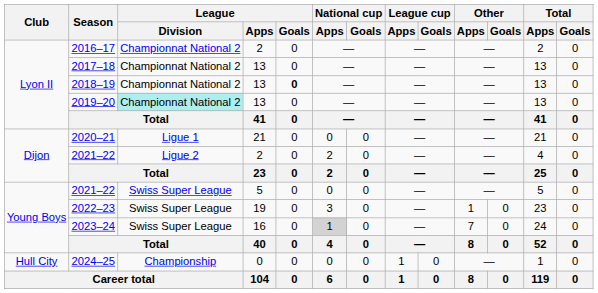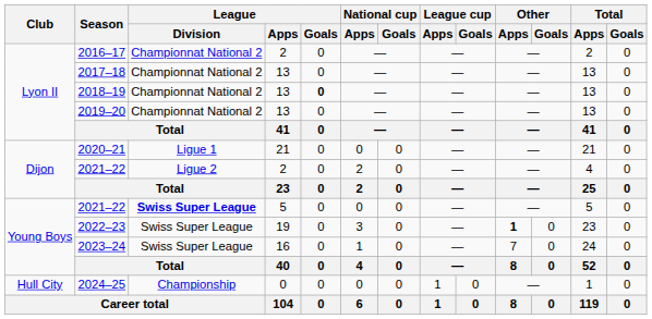 <table class="wikitable" style="text-align: center;">
 <tr>
 <th rowspan="2">Club</th>
 <th rowspan="2">Season</th>
 <th colspan="3">League</th>
 <th colspan="2">National cup</th>
 <th colspan="2">League cup</th>
 <th colspan="2">Other</th>
 <th colspan="2">Total</th>
 </tr>
 <tr>
 <th>Division</th>
 <th>Apps</th>
 <th>Goals</th>
 <th>Apps</th>
 <th>Goals</th>
 <th>Apps</th>
 <th>Goals</th>
 <th>Apps</th>
 <th>Goals</th>
 <th>Apps</th>
 <th>Goals</th>
 </tr>
 <tr>
 <td rowspan=5><a href='#'>Lyon II</a></td>
 <td><a href='#'>2016–17</a></td>
 <td><a href='#'>Championnat National 2</a></td>
 <td>2</td>
 <td>0</td>
 <td colspan=2>—</td>
 <td colspan=2>—</td>
 <td colspan=2>—</td>
 <td>2</td>
 <td>0</td>
 </tr>
 <tr>
 <td><a href='#'>2017–18</a></td>
 <td>Championnat National 2</td>
 <td>13</td>
 <td>0</td>
 <td colspan=2>—</td>
 <td colspan=2>—</td>
 <td colspan=2>—</td>
 <td>13</td>
 <td>0</td>
 </tr>
 <tr>
 <td><a href='#'>2018–19</a></td>
 <td>Championnat National 2</td>
 <td>13</td>
 <td><strong>0</strong></td>
 <td colspan=2>—</td>
 <td colspan=2>—</td>
 <td colspan=2>—</td>
 <td>13</td>
 <td>0</td>
 </tr>
 <tr>
 <td><a href='#'>2019–20</a></td>
-<td style="background: paleturquoise;">Championnat National 2</td>
+<td>Championnat National 2</td>
 <td>13</td>
 <td>0</td>
 <td colspan=2>—</td>
 <td colspan=2>—</td>
 <td colspan=2>—</td>
 <td>13</td>
 <td>0</td>
 </tr>
 <tr>
 <th colspan=2>Total</th>
 <th>41</th>
 <th>0</th>
 <th colspan=2>—</th>
 <th colspan=2>—</th>
 <th colspan=2>—</th>
 <th>41</th>
 <th>0</th>
 </tr>
 <tr>
 <td rowspan=3><a href='#'>Dijon</a></td>
 <td><a href='#'>2020–21</a></td>
 <td><a href='#'>Ligue 1</a></td>
 <td>21</td>
 <td>0</td>
 <td>0</td>
 <td>0</td>
 <td colspan=2>—</td>
 <td colspan=2>—</td>
 <td>21</td>
 <td>0</td>
 </tr>
 <tr>
 <td><a href='#'>2021–22</a></td>
 <td><a href='#'>Ligue 2</a></td>
 <td>2</td>
 <td>0</td>
 <td>2</td>
 <td>0</td>
 <td colspan=2>—</td>
 <td colspan=2>—</td>
 <td>4</td>
 <td>0</td>
 </tr>
 <tr>
 <th colspan=2>Total</th>
 <th>23</th>
 <th>0</th>
 <th>2</th>
 <th>0</th>
 <th colspan=2>—</th>
 <th colspan=2>—</th>
 <th>25</th>
 <th>0</th>
 </tr>
 <tr>
 <td rowspan=4><a href='#'>Young Boys</a></td>
 <td><a href='#'>2021–22</a></td>
-<td><a href='#'>Swiss Super League</a></td>
+<td><strong><a href='#'>Swiss Super League</a></strong></td>
 <td>5</td>
 <td>0</td>
 <td>0</td>
 <td>0</td>
 <td colspan=2>—</td>
 <td colspan=2>—</td>
 <td>5</td>
 <td>0</td>
 </tr>
 <tr>
 <td><a href='#'>2022–23</a></td>
 <td>Swiss Super League</td>
 <td>19</td>
 <td>0</td>
 <td>3</td>
 <td>0</td>
 <td colspan=2>—</td>
-<td>1</td>
+<td><strong>1</strong></td>
 <td>0</td>
 <td>23</td>
 <td>0</td>
 </tr>
 <tr>
 <td><a href='#'>2023–24</a></td>
 <td>Swiss Super League</td>
 <td>16</td>
 <td>0</td>
-<td style="background: lightgrey;">1</td>
+<td>1</td>
 <td>0</td>
 <td colspan=2>—</td>
 <td>7</td>
 <td>0</td>
 <td>24</td>
 <td>0</td>
 </tr>
 <tr>
 <th colspan=2>Total</th>
 <th>40</th>
 <th>0</th>
 <th>4</th>
 <th>0</th>
 <th colspan=2>—</th>
 <th>8</th>
 <th>0</th>
 <th>52</th>
 <th>0</th>
 </tr>
 <tr>
 <td><a href='#'>Hull City</a></td>
 <td><a href='#'>2024–25</a></td>
 <td><a href='#'>Championship</a></td>
 <td>0</td>
 <td>0</td>
 <td>0</td>
 <td>0</td>
 <td>1</td>
 <td>0</td>
 <td colspan=2>—</td>
 <td>1</td>
 <td>0</td>
 </tr>
 <tr>
 <th colspan="3">Career total</th>
 <th>104</th>
 <th>0</th>
 <th>6</th>
 <th>0</th>
 <th>1</th>
 <th>0</th>
 <th>8</th>
 <th>0</th>
 <th>119</th>
 <th>0</th>
 </tr>
 </table>
